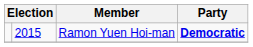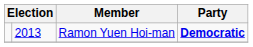 <table class="wikitable">
 <tr>
 <th colspan="2">Election</th>
 <th>Member</th>
 <th>Party</th>
 </tr>
 <tr>
 <td style="background-color:"></td>
-<td><a href='#'>2015</a></td>
+<td><a href='#'>2013</a></td>
 <td><a href='#'>Ramon Yuen Hoi-man</a></td>
 <td><strong><a href='#'>Democratic</a></strong></td>
 </tr>
 <tr>
 </tr>
 </table>
